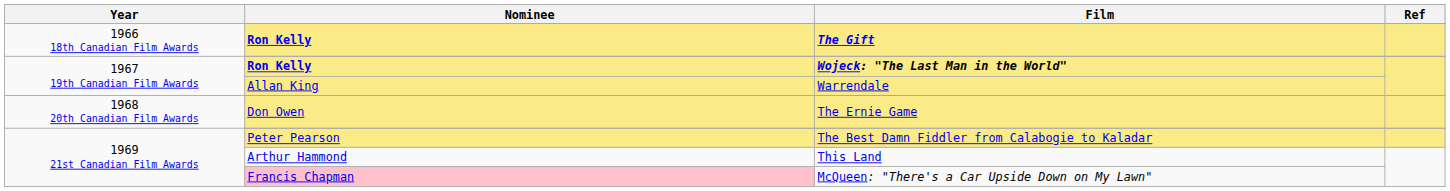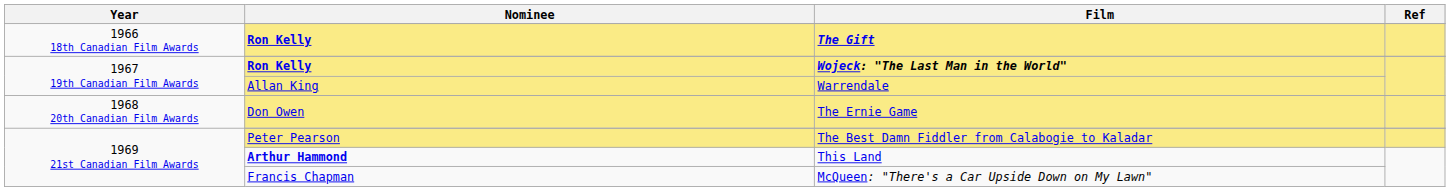 <table class="wikitable" style="width:100%;">
 <tr style="background:#bebebe;">
 <th style="width:8%;">Year</th>
 <th style="width:19%;">Nominee</th>
 <th style="width:19%;">Film</th>
 <th style="width:2%;">Ref</th>
 </tr>
 <tr>
 <td rowspan=2 align="center">1966<br><small><a href='#'>18th Canadian Film Awards</a></small></td>
 </tr>
 <tr style="background:#FAEB86;">
 <td><strong><a href='#'>Ron Kelly</a></strong></td>
 <td><strong><em><a href='#'>The Gift</a></em></strong></td>
 <td></td>
 </tr>
 <tr>
 <td rowspan=3 align="center">1967<br><small><a href='#'>19th Canadian Film Awards</a></small></td>
 </tr>
 <tr style="background:#FAEB86;">
 <td><strong><a href='#'>Ron Kelly</a></strong></td>
 <td><strong><em><a href='#'>Wojeck</a><em>: "The Last Man in the World"<strong></td>
 <td rowspan=2></td>
 </tr>
 <tr style="background:#FAEB86;">
 <td></strong><a href='#'>Allan King</a><strong></td>
 <td></em></strong><a href='#'>Warrendale</a><strong><em></td>
 </tr>
 <tr>
 <td rowspan=2 align="center">1968<br><small><a href='#'>20th Canadian Film Awards</a></small></td>
 </tr>
 <tr style="background:#FAEB86;">
 <td></strong><a href='#'>Don Owen</a><strong></td>
 <td></em></strong><a href='#'>The Ernie Game</a><strong><em></td>
 <td></td>
 </tr>
 <tr>
 <td rowspan=4 align="center">1969<br><small><a href='#'>21st Canadian Film Awards</a></small></td>
 </tr>
 <tr style="background:#FAEB86;">
 <td></strong><a href='#'>Peter Pearson</a><strong></td>
 <td></em></strong><a href='#'>The Best Damn Fiddler from Calabogie to Kaladar</a><strong><em></td>
 <td></td>
 </tr>
 <tr>
-<td><a href='#'>Arthur Hammond</a></td>
+<td><strong><a href='#'>Arthur Hammond</a></strong></td>
 <td></em><a href='#'>This Land</a><em></td>
 <td rowspan=2></td>
 </tr>
 <tr>
-<td style="background: pink;"><a href='#'>Francis Chapman</a></td>
+<td><a href='#'>Francis Chapman</a></td>
 <td></em><a href='#'>McQueen</a><em>: "There's a Car Upside Down on My Lawn"</td>
 </tr>
 </table>
